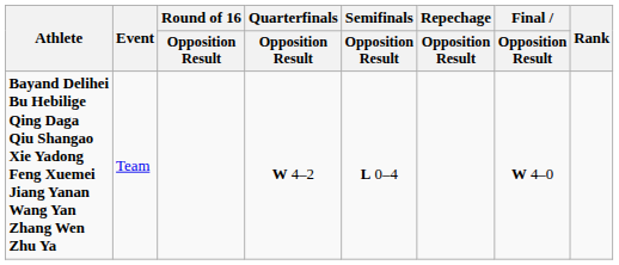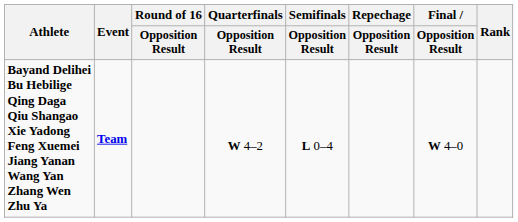 <table class=wikitable style=font-size:90%;text-align:center>
 <tr>
 <th rowspan="2">Athlete</th>
 <th rowspan="2">Event</th>
 <th>Round of 16</th>
 <th>Quarterfinals</th>
 <th>Semifinals</th>
 <th>Repechage</th>
 <th>Final / </th>
 <th rowspan=2>Rank</th>
 </tr>
 <tr style="font-size:95%">
 <th>Opposition<br>Result</th>
 <th>Opposition<br>Result</th>
 <th>Opposition<br>Result</th>
 <th>Opposition<br>Result</th>
 <th>Opposition<br>Result</th>
 </tr>
 <tr>
 <td align=left><strong>Bayand Delihei<br>Bu Hebilige<br>Qing Daga<br>Qiu Shangao<br>Xie Yadong<br>Feng Xuemei<br>Jiang Yanan<br>Wang Yan<br>Zhang Wen<br>Zhu Ya</strong></td>
-<td align=left><a href='#'>Team</a></td>
+<td align=left><strong><a href='#'>Team</a></strong></td>
 <td></td>
 <td><br><strong>W</strong> 4–2</td>
 <td><br><strong>L</strong> 0–4</td>
 <td></td>
 <td><br><strong>W</strong> 4–0</td>
 <td></td>
 </tr>
 </table>
